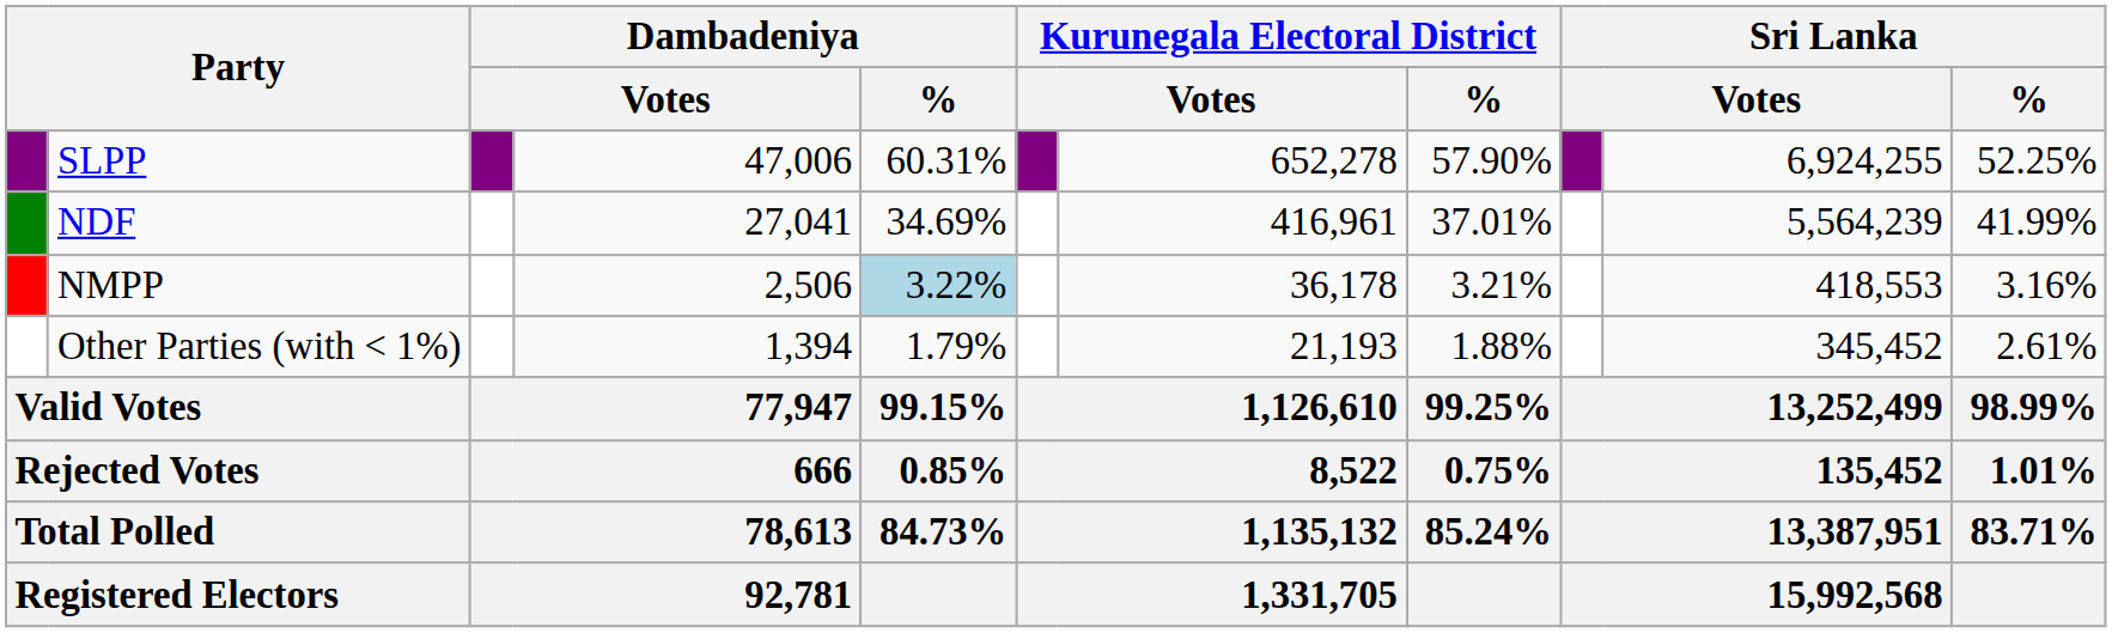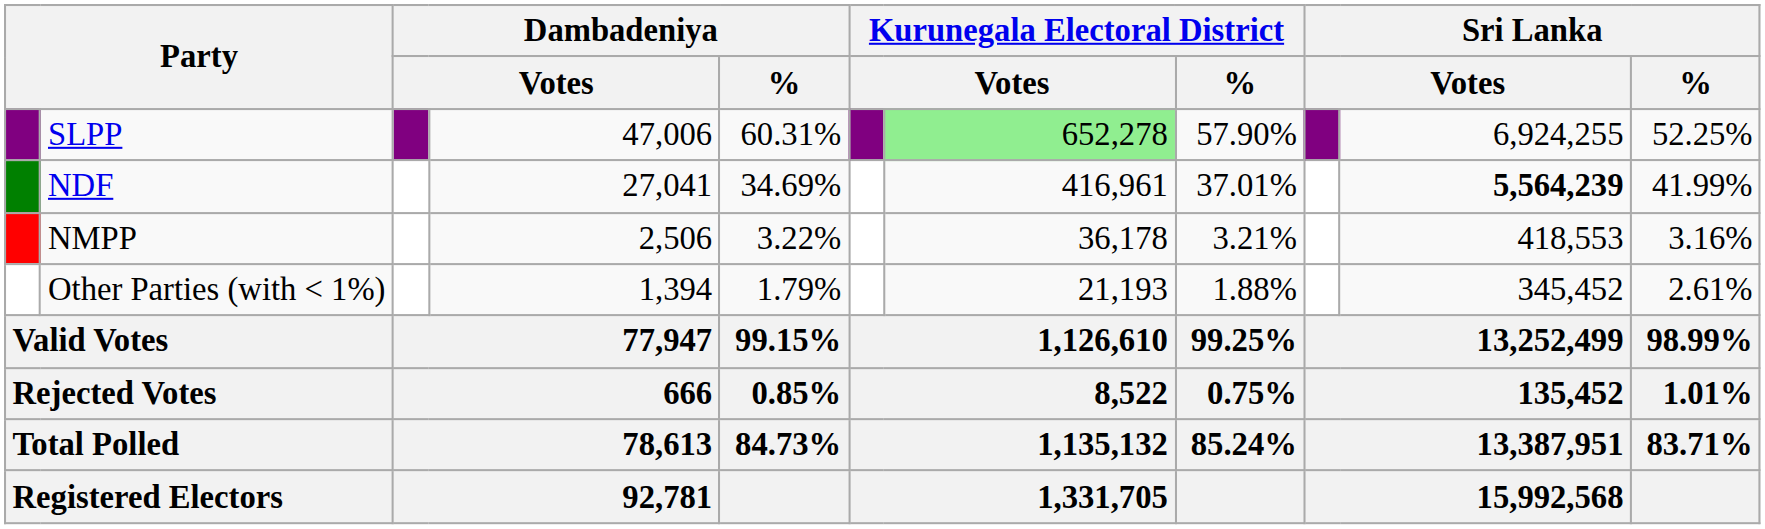 <table class="wikitable">
 <tr>
 <th colspan="2" width="144px"rowspan="2">Party</th>
 <th colspan="3" width="216px">Dambadeniya</th>
 <th colspan="3" width="216px"><a href='#'>Kurunegala Electoral District</a></th>
 <th colspan="3" width="216px">Sri Lanka</th>
 </tr>
 <tr>
 <th colspan="2" width="144px">Votes</th>
 <th>%</th>
 <th colspan="2" width="144px">Votes</th>
 <th>%</th>
 <th colspan="2" width="144px">Votes</th>
 <th>%</th>
 </tr>
 <tr>
 <td style="background-color:purple;" width="10px"></td>
 <td style="text-align:left;"><a href='#'>SLPP</a></td>
 <td style="background-color:purple;" width="10px"></td>
 <td style="text-align:right;">47,006</td>
 <td style="text-align:right;">60.31%</td>
 <td style="background-color:purple;" width="10px"></td>
-<td style="text-align:right;">652,278</td>
+<td style="background: lightgreen; text-align:right;">652,278</td>
 <td style="text-align:right;">57.90%</td>
 <td style="background-color:purple;" width="10px"></td>
 <td style="text-align:right;">6,924,255</td>
 <td style="text-align:right;">52.25%</td>
 </tr>
 <tr>
 <td style="background-color:green;" width="10px"></td>
 <td style="text-align:left;"><a href='#'>NDF</a></td>
 <td style="background-color:white;" width="10px"></td>
 <td style="text-align:right;">27,041</td>
 <td style="text-align:right;">34.69%</td>
 <td style="background-color:white;" width="10px"></td>
 <td style="text-align:right;">416,961</td>
 <td style="text-align:right;">37.01%</td>
 <td style="background-color:white;" width="10px"></td>
-<td style="text-align:right;">5,564,239</td>
+<td style="text-align:right;"><strong>5,564,239</strong></td>
 <td style="text-align:right;">41.99%</td>
 </tr>
 <tr>
 <td style="background-color:red;" width="10px"></td>
 <td style="text-align:left;">NMPP</td>
 <td style="background-color:white;" width="10px"></td>
 <td style="text-align:right;">2,506</td>
-<td style="background: lightblue; text-align:right;">3.22%</td>
+<td style="text-align:right;">3.22%</td>
 <td style="background-color:white;" width="10px"></td>
 <td style="text-align:right;">36,178</td>
 <td style="text-align:right;">3.21%</td>
 <td style="background-color:white;" width="10px"></td>
 <td style="text-align:right;">418,553</td>
 <td style="text-align:right;">3.16%</td>
 </tr>
 <tr>
 <td style="background-color:white;" width="10px"></td>
 <td style="text-align:left;">Other Parties (with < 1%)</td>
 <td style="background-color:white;" width="10px"></td>
 <td style="text-align:right;">1,394</td>
 <td style="text-align:right;">1.79%</td>
 <td style="background-color:white;" width="10px"></td>
 <td style="text-align:right;">21,193</td>
 <td style="text-align:right;">1.88%</td>
 <td style="background-color:white;" width="10px"></td>
 <td style="text-align:right;">345,452</td>
 <td style="text-align:right;">2.61%</td>
 </tr>
 <tr>
 <th colspan="2" width="144px"style="text-align:left;">Valid Votes</th>
 <th style="text-align:right;"colspan="2" width="144px">77,947</th>
 <th style="text-align:right;">99.15%</th>
 <th style="text-align:right;"colspan="2" width="144px">1,126,610</th>
 <th style="text-align:right;">99.25%</th>
 <th style="text-align:right;"colspan="2" width="144px">13,252,499</th>
 <th style="text-align:right;">98.99%</th>
 </tr>
 <tr>
 <th colspan="2" width="144px"style="text-align:left;">Rejected Votes</th>
 <th style="text-align:right;"colspan="2" width="144px">666</th>
 <th style="text-align:right;">0.85%</th>
 <th style="text-align:right;"colspan="2" width="144px">8,522</th>
 <th style="text-align:right;">0.75%</th>
 <th style="text-align:right;"colspan="2" width="144px">135,452</th>
 <th style="text-align:right;">1.01%</th>
 </tr>
 <tr>
 <th colspan="2" width="144px"style="text-align:left;">Total Polled</th>
 <th style="text-align:right;"colspan="2" width="144px">78,613</th>
 <th style="text-align:right;">84.73%</th>
 <th style="text-align:right;"colspan="2" width="144px">1,135,132</th>
 <th style="text-align:right;">85.24%</th>
 <th style="text-align:right;"colspan="2" width="144px">13,387,951</th>
 <th style="text-align:right;">83.71%</th>
 </tr>
 <tr>
 <th colspan="2" width="144px"style="text-align:left;">Registered Electors</th>
 <th style="text-align:right;"colspan="2" width="144px">92,781</th>
 <th></th>
 <th style="text-align:right;"colspan="2" width="144px">1,331,705</th>
 <th></th>
 <th style="text-align:right;"colspan="2" width="144px">15,992,568</th>
 <th></th>
 </tr>
 </table>
